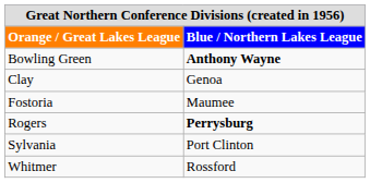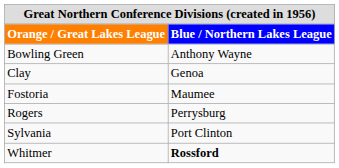 <table class="wikitable">
 <tr bgcolor=#ccccff>
 <th colspan=4 style="background:#dddddd;">Great Northern Conference Divisions (created in 1956)</th>
 </tr>
 <tr>
 <th style="background:#FF7F00; color: white">Orange / Great Lakes League</th>
 <th style="background:blue; color: white">Blue / Northern Lakes League</th>
 </tr>
 <tr>
 <td>Bowling Green</td>
-<td><strong>Anthony Wayne</strong></td>
+<td>Anthony Wayne</td>
 </tr>
 <tr>
 <td>Clay</td>
 <td>Genoa</td>
 </tr>
 <tr>
 <td>Fostoria</td>
 <td>Maumee</td>
 </tr>
 <tr>
 <td>Rogers</td>
-<td><strong>Perrysburg</strong></td>
+<td>Perrysburg</td>
 </tr>
 <tr>
 <td>Sylvania</td>
 <td>Port Clinton</td>
 </tr>
 <tr>
 <td>Whitmer</td>
-<td>Rossford</td>
+<td><strong>Rossford</strong></td>
 </tr>
 </table>
